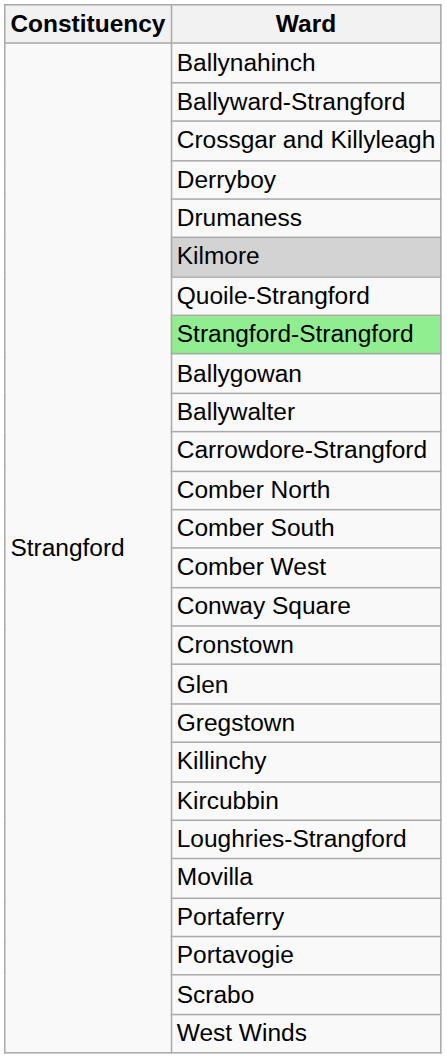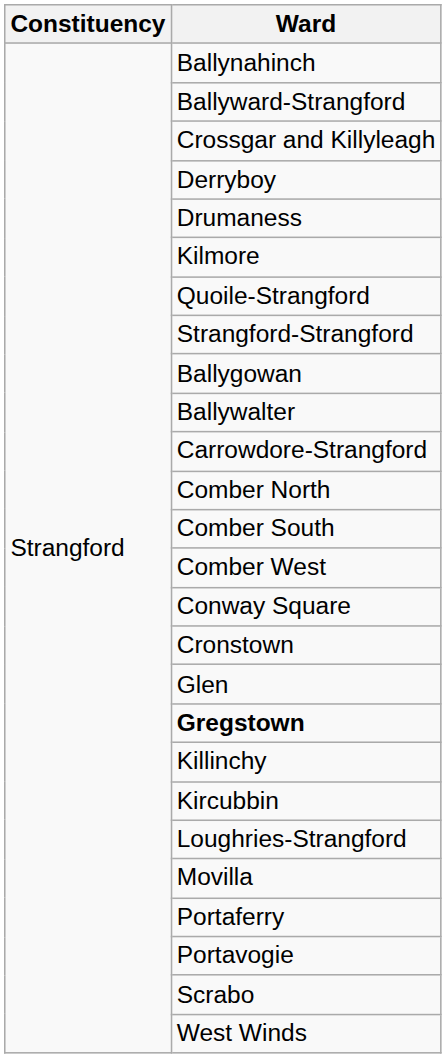 <table class="wikitable">
 <tr>
 <th>Constituency</th>
 <th>Ward</th>
 </tr>
 <tr>
 <td rowspan="26">Strangford</td>
 <td>Ballynahinch</td>
 </tr>
 <tr>
 <td>Ballyward-Strangford</td>
 </tr>
 <tr>
 <td>Crossgar and Killyleagh</td>
 </tr>
 <tr>
 <td>Derryboy</td>
 </tr>
 <tr>
 <td>Drumaness</td>
 </tr>
 <tr>
-<td style="background: lightgrey;">Kilmore</td>
+<td>Kilmore</td>
 </tr>
 <tr>
 <td>Quoile-Strangford</td>
 </tr>
 <tr>
-<td style="background: lightgreen;">Strangford-Strangford</td>
+<td>Strangford-Strangford</td>
 </tr>
 <tr>
 <td>Ballygowan</td>
 </tr>
 <tr>
 <td>Ballywalter</td>
 </tr>
 <tr>
 <td>Carrowdore-Strangford</td>
 </tr>
 <tr>
 <td>Comber North</td>
 </tr>
 <tr>
 <td>Comber South</td>
 </tr>
 <tr>
 <td>Comber West</td>
 </tr>
 <tr>
 <td>Conway Square</td>
 </tr>
 <tr>
 <td>Cronstown</td>
 </tr>
 <tr>
 <td>Glen</td>
 </tr>
 <tr>
-<td>Gregstown</td>
+<td><strong>Gregstown</strong></td>
 </tr>
 <tr>
 <td>Killinchy</td>
 </tr>
 <tr>
 <td>Kircubbin</td>
 </tr>
 <tr>
 <td>Loughries-Strangford</td>
 </tr>
 <tr>
 <td>Movilla</td>
 </tr>
 <tr>
 <td>Portaferry</td>
 </tr>
 <tr>
 <td>Portavogie</td>
 </tr>
 <tr>
 <td>Scrabo</td>
 </tr>
 <tr>
 <td>West Winds</td>
 </tr>
 </table>
